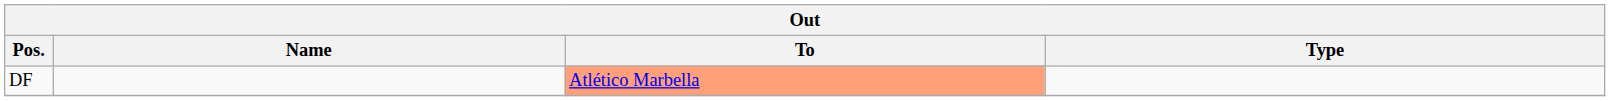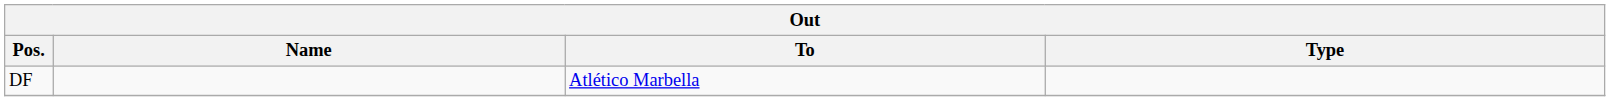 <table class="wikitable" style="font-size:90%;width:99%;">
 <tr>
 <th colspan="4">Out</th>
 </tr>
 <tr>
 <th width=3%>Pos.</th>
 <th width=32%>Name</th>
 <th width=30%>To</th>
 <th width=35%>Type</th>
 </tr>
 <tr>
 <td>DF</td>
 <td></td>
-<td style="background: lightsalmon;"><a href='#'>Atlético Marbella</a></td>
+<td><a href='#'>Atlético Marbella</a></td>
 <td></td>
 </tr>
 <tr>
 </tr>
 </table>
